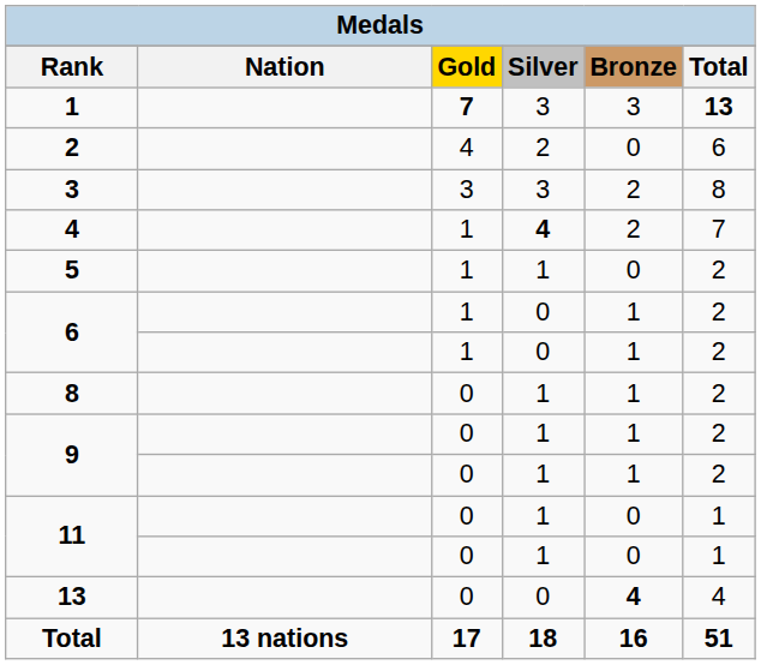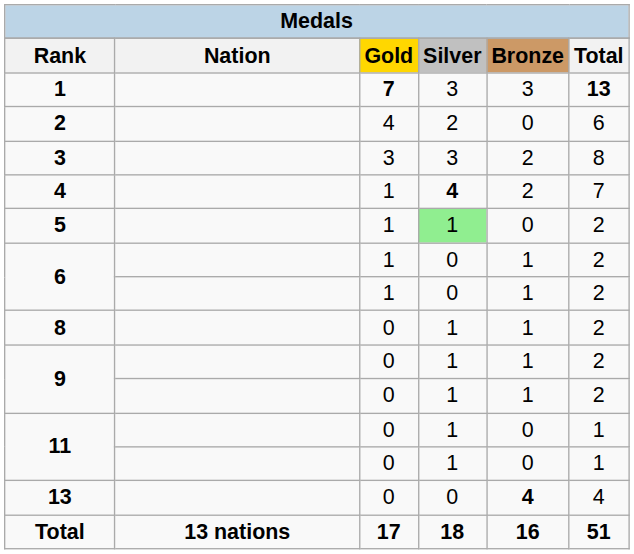 <table class="wikitable" style="text-align:center">
 <tr>
 <td colspan="6" style="background:#BCD4E6"><strong>Medals</strong></td>
 </tr>
 <tr>
 </tr>
 <tr style="background-color:#EDEDED;">
 <th width="75px" class="hintergrundfarbe5">Rank</th>
 <th width="175px" class="hintergrundfarbe6">Nation</th>
 <th style="background:    gold; width:35px ">Gold</th>
 <th style="background:  silver; width:35px ">Silver</th>
 <th style="background: #CC9966; width:35px ">Bronze</th>
 <th width="35px">Total</th>
 </tr>
 <tr>
 <td><strong>1</strong></td>
 <td align=left><strong></strong></td>
 <td><strong>7</strong></td>
 <td>3</td>
 <td>3</td>
 <td><strong>13</strong></td>
 </tr>
 <tr>
 <td><strong>2</strong></td>
 <td align=left><em></em></td>
 <td>4</td>
 <td>2</td>
 <td>0</td>
 <td>6</td>
 </tr>
 <tr>
 <td><strong>3</strong></td>
 <td align=left></td>
 <td>3</td>
 <td>3</td>
 <td>2</td>
 <td>8</td>
 </tr>
 <tr>
 <td><strong>4</strong></td>
 <td align=left><em></em></td>
 <td>1</td>
 <td><strong>4</strong></td>
 <td>2</td>
 <td>7</td>
 </tr>
 <tr>
 <td><strong>5</strong></td>
 <td align=left></td>
 <td>1</td>
-<td>1</td>
+<td style="background: lightgreen;">1</td>
 <td>0</td>
 <td>2</td>
 </tr>
 <tr>
 <td rowspan="2"><strong>6</strong></td>
 <td align=left></td>
 <td>1</td>
 <td>0</td>
 <td>1</td>
 <td>2</td>
 </tr>
 <tr>
 <td align=left></td>
 <td>1</td>
 <td>0</td>
 <td>1</td>
 <td>2</td>
 </tr>
 <tr>
 <td><strong>8</strong></td>
 <td align=left></td>
 <td>0</td>
 <td>1</td>
 <td>1</td>
 <td>2</td>
 </tr>
 <tr>
 <td rowspan="2"><strong>9</strong></td>
 <td align=left></td>
 <td>0</td>
 <td>1</td>
 <td>1</td>
 <td>2</td>
 </tr>
 <tr>
 <td align=left></td>
 <td>0</td>
 <td>1</td>
 <td>1</td>
 <td>2</td>
 </tr>
 <tr>
 <td rowspan="2"><strong>11</strong></td>
 <td align=left></td>
 <td>0</td>
 <td>1</td>
 <td>0</td>
 <td>1</td>
 </tr>
 <tr>
 <td align="left"></td>
 <td>0</td>
 <td>1</td>
 <td>0</td>
 <td>1</td>
 </tr>
 <tr>
 <td><strong>13</strong></td>
 <td align="left"></td>
 <td>0</td>
 <td>0</td>
 <td><strong>4</strong></td>
 <td>4</td>
 </tr>
 <tr>
 <td><strong>Total</strong></td>
 <td><strong>13 nations</strong></td>
 <td><strong>17</strong></td>
 <td><strong>18</strong></td>
 <td><strong>16</strong></td>
 <td><strong>51</strong></td>
 </tr>
 </table>
